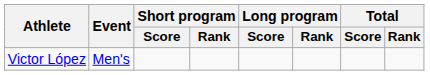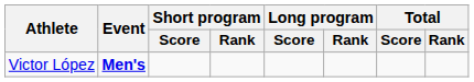 <table class=wikitable style=font-size:90%;text-align:center>
 <tr>
 <th rowspan=2>Athlete</th>
 <th rowspan=2>Event</th>
 <th colspan=2>Short program</th>
 <th colspan=2>Long program</th>
 <th colspan=2>Total</th>
 </tr>
 <tr style=font-size:95%>
 <th>Score</th>
 <th>Rank</th>
 <th>Score</th>
 <th>Rank</th>
 <th>Score</th>
 <th>Rank</th>
 </tr>
 <tr>
 <td align=left><a href='#'>Victor López</a></td>
-<td align=left><a href='#'>Men's</a></td>
+<td align=left><strong><a href='#'>Men's</a></strong></td>
 <td></td>
 <td></td>
 <td></td>
 <td></td>
 <td></td>
 <td></td>
 </tr>
 </table>
